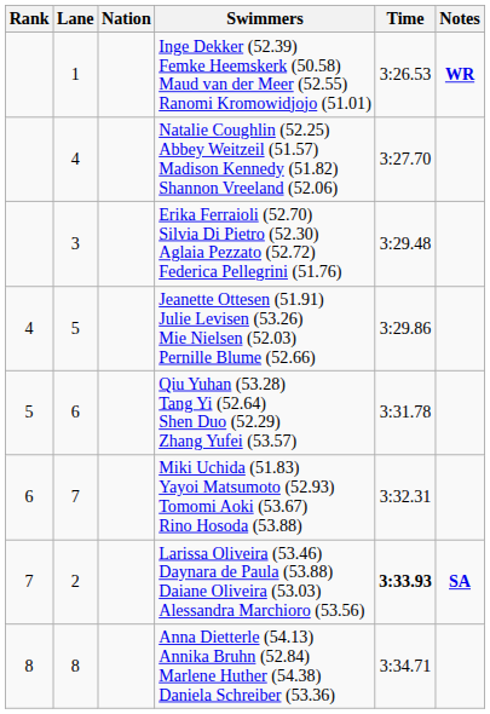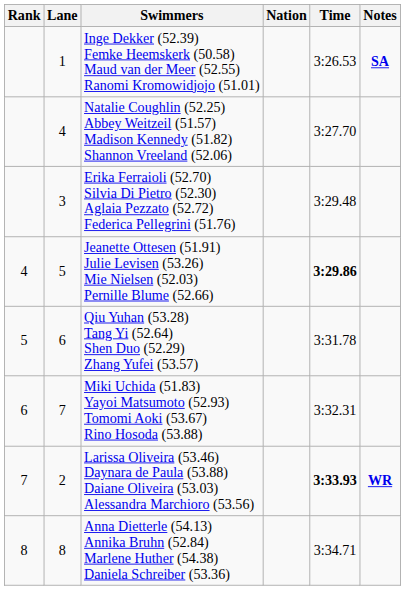 <table class="wikitable sortable" style="text-align:center">
 <tr>
 <th>Rank</th>
 <th>Lane</th>
+<th>Swimmers</th>
 <th>Nation</th>
-<th>Swimmers</th>
 <th>Time</th>
 <th>Notes</th>
 </tr>
 <tr>
 <td></td>
 <td>1</td>
+<td align=left><a href='#'>Inge Dekker</a> (52.39)<br><a href='#'>Femke Heemskerk</a> (50.58)<br><a href='#'>Maud van der Meer</a> (52.55)<br><a href='#'>Ranomi Kromowidjojo</a> (51.01)</td>
 <td align=left></td>
-<td align=left><a href='#'>Inge Dekker</a> (52.39)<br><a href='#'>Femke Heemskerk</a> (50.58)<br><a href='#'>Maud van der Meer</a> (52.55)<br><a href='#'>Ranomi Kromowidjojo</a> (51.01)</td>
 <td>3:26.53</td>
-<td><strong><a href='#'>WR</a></strong></td>
+<td><strong><a href='#'>SA</a></strong></td>
 </tr>
 <tr>
 <td></td>
 <td>4</td>
+<td align=left><a href='#'>Natalie Coughlin</a> (52.25)<br><a href='#'>Abbey Weitzeil</a> (51.57)<br><a href='#'>Madison Kennedy</a> (51.82)<br><a href='#'>Shannon Vreeland</a> (52.06)</td>
 <td align=left></td>
-<td align=left><a href='#'>Natalie Coughlin</a> (52.25)<br><a href='#'>Abbey Weitzeil</a> (51.57)<br><a href='#'>Madison Kennedy</a> (51.82)<br><a href='#'>Shannon Vreeland</a> (52.06)</td>
 <td>3:27.70</td>
 <td></td>
 </tr>
 <tr>
 <td></td>
 <td>3</td>
+<td align=left><a href='#'>Erika Ferraioli</a> (52.70)<br><a href='#'>Silvia Di Pietro</a> (52.30)<br><a href='#'>Aglaia Pezzato</a> (52.72)<br><a href='#'>Federica Pellegrini</a> (51.76)</td>
 <td align=left></td>
-<td align=left><a href='#'>Erika Ferraioli</a> (52.70)<br><a href='#'>Silvia Di Pietro</a> (52.30)<br><a href='#'>Aglaia Pezzato</a> (52.72)<br><a href='#'>Federica Pellegrini</a> (51.76)</td>
 <td>3:29.48</td>
 <td></td>
 </tr>
 <tr>
 <td>4</td>
 <td>5</td>
+<td align=left><a href='#'>Jeanette Ottesen</a> (51.91)<br><a href='#'>Julie Levisen</a> (53.26)<br><a href='#'>Mie Nielsen</a> (52.03)<br><a href='#'>Pernille Blume</a> (52.66)</td>
 <td align=left></td>
-<td align=left><a href='#'>Jeanette Ottesen</a> (51.91)<br><a href='#'>Julie Levisen</a> (53.26)<br><a href='#'>Mie Nielsen</a> (52.03)<br><a href='#'>Pernille Blume</a> (52.66)</td>
-<td>3:29.86</td>
+<td><strong>3:29.86</strong></td>
 <td></td>
 </tr>
 <tr>
 <td>5</td>
 <td>6</td>
+<td align=left><a href='#'>Qiu Yuhan</a> (53.28)<br><a href='#'>Tang Yi</a> (52.64)<br><a href='#'>Shen Duo</a> (52.29)<br><a href='#'>Zhang Yufei</a> (53.57)</td>
 <td align=left></td>
-<td align=left><a href='#'>Qiu Yuhan</a> (53.28)<br><a href='#'>Tang Yi</a> (52.64)<br><a href='#'>Shen Duo</a> (52.29)<br><a href='#'>Zhang Yufei</a> (53.57)</td>
 <td>3:31.78</td>
 <td></td>
 </tr>
 <tr>
 <td>6</td>
 <td>7</td>
+<td align=left><a href='#'>Miki Uchida</a> (51.83)<br><a href='#'>Yayoi Matsumoto</a> (52.93)<br><a href='#'>Tomomi Aoki</a> (53.67)<br><a href='#'>Rino Hosoda</a> (53.88)</td>
 <td align=left></td>
-<td align=left><a href='#'>Miki Uchida</a> (51.83)<br><a href='#'>Yayoi Matsumoto</a> (52.93)<br><a href='#'>Tomomi Aoki</a> (53.67)<br><a href='#'>Rino Hosoda</a> (53.88)</td>
 <td>3:32.31</td>
 <td></td>
 </tr>
 <tr>
 <td>7</td>
 <td>2</td>
+<td align=left><a href='#'>Larissa Oliveira</a> (53.46)<br><a href='#'>Daynara de Paula</a> (53.88)<br><a href='#'>Daiane Oliveira</a> (53.03)<br><a href='#'>Alessandra Marchioro</a> (53.56)</td>
 <td align=left></td>
-<td align=left><a href='#'>Larissa Oliveira</a> (53.46)<br><a href='#'>Daynara de Paula</a> (53.88)<br><a href='#'>Daiane Oliveira</a> (53.03)<br><a href='#'>Alessandra Marchioro</a> (53.56)</td>
 <td><strong>3:33.93</strong></td>
-<td><strong><a href='#'>SA</a></strong></td>
+<td><strong><a href='#'>WR</a></strong></td>
 </tr>
 <tr>
 <td>8</td>
 <td>8</td>
+<td align=left><a href='#'>Anna Dietterle</a> (54.13)<br><a href='#'>Annika Bruhn</a> (52.84)<br><a href='#'>Marlene Huther</a> (54.38)<br><a href='#'>Daniela Schreiber</a> (53.36)</td>
 <td align=left></td>
-<td align=left><a href='#'>Anna Dietterle</a> (54.13)<br><a href='#'>Annika Bruhn</a> (52.84)<br><a href='#'>Marlene Huther</a> (54.38)<br><a href='#'>Daniela Schreiber</a> (53.36)</td>
 <td>3:34.71</td>
 <td></td>
 </tr>
 </table>
